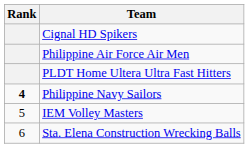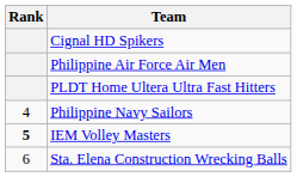 <table class="wikitable" style="text-align: center;">
 <tr>
 <th>Rank</th>
 <th>Team</th>
 </tr>
 <tr>
 <th></th>
 <td style="text-align:left;"><a href='#'>Cignal HD Spikers</a></td>
 </tr>
 <tr>
 <th></th>
 <td style="text-align:left;"><a href='#'>Philippine Air Force Air Men</a></td>
 </tr>
 <tr>
 <th></th>
 <td style="text-align:left;"><a href='#'>PLDT Home Ultera Ultra Fast Hitters</a></td>
 </tr>
 <tr>
-<td><strong>4</strong></td>
+<td>4</td>
 <td style="text-align:left;"><a href='#'>Philippine Navy Sailors</a></td>
 </tr>
 <tr>
-<td>5</td>
+<td><strong>5</strong></td>
 <td style="text-align:left;"><a href='#'>IEM Volley Masters</a></td>
 </tr>
 <tr>
 <td>6</td>
 <td style="text-align:left;"><a href='#'>Sta. Elena Construction Wrecking Balls</a></td>
 </tr>
 </table>
